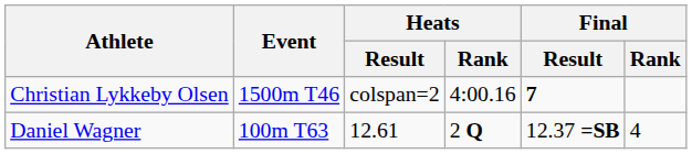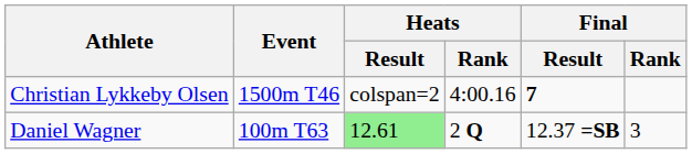 <table class=wikitable style="font-size:95%" style="text-align:center">
 <tr>
 <th rowspan="2">Athlete</th>
 <th rowspan="2">Event</th>
 <th colspan="2">Heats</th>
 <th colspan="2">Final</th>
 </tr>
 <tr>
 <th>Result</th>
 <th>Rank</th>
 <th>Result</th>
 <th>Rank</th>
 </tr>
 <tr>
 <td align=left><a href='#'>Christian Lykkeby Olsen</a></td>
 <td align=left><a href='#'>1500m T46</a></td>
 <td>colspan=2 </td>
 <td>4:00.16</td>
 <td><strong>7</strong></td>
 </tr>
 <tr>
 <td align=left><a href='#'>Daniel Wagner</a></td>
 <td align=left><a href='#'>100m T63</a></td>
-<td>12.61</td>
+<td style="background: lightgreen;">12.61</td>
 <td>2 <strong>Q</strong></td>
 <td>12.37 <strong>=SB</strong></td>
-<td>4</td>
+<td>3</td>
 </tr>
 </table>
